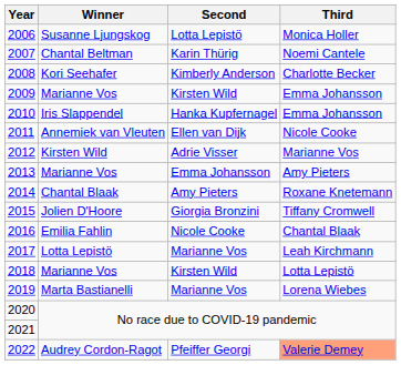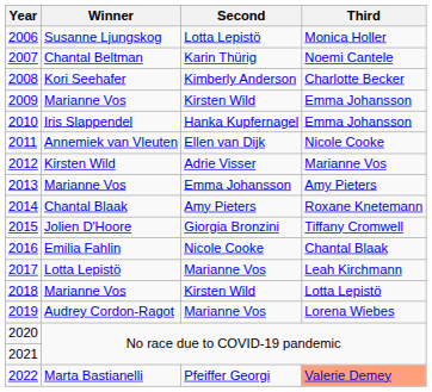 <table class="wikitable">
 <tr>
 <th>Year</th>
 <th>Winner</th>
 <th>Second</th>
 <th>Third</th>
 </tr>
 <tr>
 <td><a href='#'>2006</a></td>
 <td> <a href='#'>Susanne Ljungskog</a></td>
 <td> <a href='#'>Lotta Lepistö</a></td>
 <td> <a href='#'>Monica Holler</a></td>
 </tr>
 <tr>
 <td><a href='#'>2007</a></td>
 <td> <a href='#'>Chantal Beltman</a></td>
 <td> <a href='#'>Karin Thürig</a></td>
 <td> <a href='#'>Noemi Cantele</a></td>
 </tr>
 <tr>
 <td><a href='#'>2008</a></td>
 <td> <a href='#'>Kori Seehafer</a></td>
 <td> <a href='#'>Kimberly Anderson</a></td>
 <td> <a href='#'>Charlotte Becker</a></td>
 </tr>
 <tr>
 <td><a href='#'>2009</a></td>
 <td> <a href='#'>Marianne Vos</a></td>
 <td> <a href='#'>Kirsten Wild</a></td>
 <td> <a href='#'>Emma Johansson</a></td>
 </tr>
 <tr>
 <td><a href='#'>2010</a></td>
 <td> <a href='#'>Iris Slappendel</a></td>
 <td> <a href='#'>Hanka Kupfernagel</a></td>
 <td> <a href='#'>Emma Johansson</a></td>
 </tr>
 <tr>
 <td><a href='#'>2011</a></td>
 <td> <a href='#'>Annemiek van Vleuten</a></td>
 <td> <a href='#'>Ellen van Dijk</a></td>
 <td> <a href='#'>Nicole Cooke</a></td>
 </tr>
 <tr>
 <td><a href='#'>2012</a></td>
 <td> <a href='#'>Kirsten Wild</a></td>
 <td> <a href='#'>Adrie Visser</a></td>
 <td> <a href='#'>Marianne Vos</a></td>
 </tr>
 <tr>
 <td><a href='#'>2013</a></td>
 <td> <a href='#'>Marianne Vos</a></td>
 <td> <a href='#'>Emma Johansson</a></td>
 <td> <a href='#'>Amy Pieters</a></td>
 </tr>
 <tr>
 <td><a href='#'>2014</a></td>
 <td> <a href='#'>Chantal Blaak</a></td>
 <td> <a href='#'>Amy Pieters</a></td>
 <td> <a href='#'>Roxane Knetemann</a></td>
 </tr>
 <tr>
 <td><a href='#'>2015</a></td>
 <td> <a href='#'>Jolien D'Hoore</a></td>
 <td> <a href='#'>Giorgia Bronzini</a></td>
 <td> <a href='#'>Tiffany Cromwell</a></td>
 </tr>
 <tr>
 <td><a href='#'>2016</a></td>
 <td> <a href='#'>Emilia Fahlin</a></td>
 <td> <a href='#'>Nicole Cooke</a></td>
 <td> <a href='#'>Chantal Blaak</a></td>
 </tr>
 <tr>
 <td><a href='#'>2017</a></td>
 <td> <a href='#'>Lotta Lepistö</a></td>
 <td> <a href='#'>Marianne Vos</a></td>
 <td> <a href='#'>Leah Kirchmann</a></td>
 </tr>
 <tr>
 <td><a href='#'>2018</a></td>
 <td> <a href='#'>Marianne Vos</a></td>
 <td> <a href='#'>Kirsten Wild</a></td>
 <td> <a href='#'>Lotta Lepistö</a></td>
 </tr>
 <tr>
 <td><a href='#'>2019</a></td>
-<td> <a href='#'>Marta Bastianelli</a></td>
+<td> <a href='#'>Audrey Cordon-Ragot</a></td>
 <td> <a href='#'>Marianne Vos</a></td>
 <td> <a href='#'>Lorena Wiebes</a></td>
 </tr>
 <tr>
 <td>2020</td>
 <td rowspan=2 colspan=3 style="text-align:center;">No race due to COVID-19 pandemic</td>
 </tr>
 <tr>
 <td>2021</td>
 </tr>
 <tr>
 <td><a href='#'>2022</a></td>
-<td> <a href='#'>Audrey Cordon-Ragot</a></td>
+<td> <a href='#'>Marta Bastianelli</a></td>
 <td> <a href='#'>Pfeiffer Georgi</a></td>
 <td style="background: lightsalmon;"> <a href='#'>Valerie Demey</a></td>
 </tr>
 </table>
